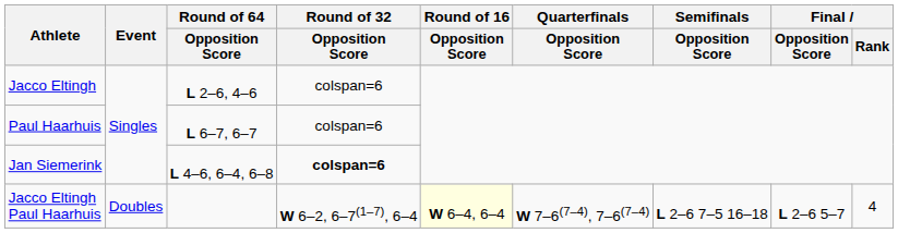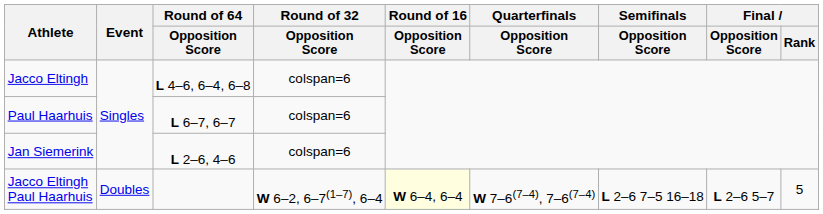 <table class=wikitable style="font-size:90%">
 <tr>
 <th rowspan="2">Athlete</th>
 <th rowspan="2">Event</th>
 <th>Round of 64</th>
 <th>Round of 32</th>
 <th>Round of 16</th>
 <th>Quarterfinals</th>
 <th>Semifinals</th>
 <th colspan=2>Final / </th>
 </tr>
 <tr style="font-size:95%">
 <th>Opposition<br>Score</th>
 <th>Opposition<br>Score</th>
 <th>Opposition<br>Score</th>
 <th>Opposition<br>Score</th>
 <th>Opposition<br>Score</th>
 <th>Opposition<br>Score</th>
 <th>Rank</th>
 </tr>
 <tr align=center>
 <td align=left><a href='#'>Jacco Eltingh</a></td>
 <td rowspan=3 align=left><a href='#'>Singles</a></td>
-<td><br><strong>L</strong> 2–6, 4–6</td>
+<td><br><strong>L</strong> 4–6, 6–4, 6–8</td>
 <td>colspan=6 </td>
 </tr>
 <tr align=center>
 <td align=left><a href='#'>Paul Haarhuis</a></td>
 <td><br><strong>L</strong> 6–7, 6–7</td>
 <td>colspan=6 </td>
 </tr>
 <tr align=center>
 <td align=left><a href='#'>Jan Siemerink</a></td>
-<td><br><strong>L</strong> 4–6, 6–4, 6–8</td>
-<td><strong>colspan=6 </strong></td>
+<td><br><strong>L</strong> 2–6, 4–6</td>
+<td>colspan=6 </td>
 </tr>
 <tr align=center>
 <td align=left><a href='#'>Jacco Eltingh</a><br><a href='#'>Paul Haarhuis</a></td>
 <td align=left><a href='#'>Doubles</a></td>
 <td></td>
 <td><br> <strong>W</strong> 6–2, 6–7<sup>(1–7)</sup>, 6–4</td>
 <td style="background: lightyellow;"><br> <strong>W</strong> 6–4, 6–4</td>
 <td><br> <strong>W</strong> 7–6<sup>(7–4)</sup>, 7–6<sup>(7–4)</sup></td>
 <td><br> <strong>L</strong> 2–6 7–5 16–18</td>
 <td><br> <strong>L</strong> 2–6 5–7</td>
-<td>4</td>
+<td>5</td>
 </tr>
 </table>
